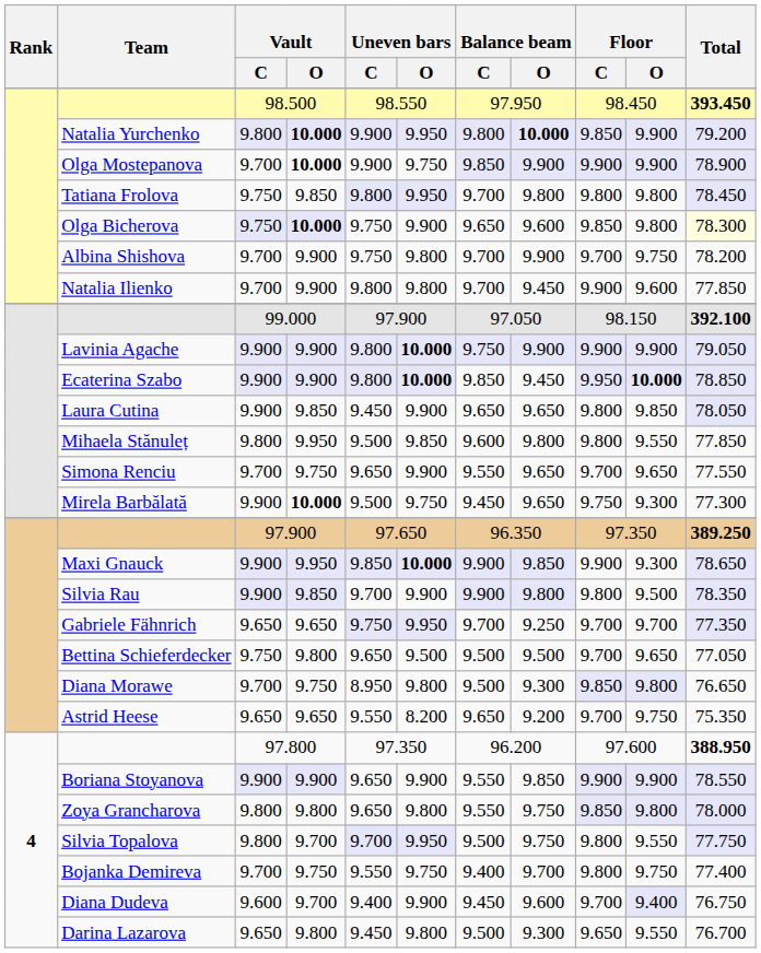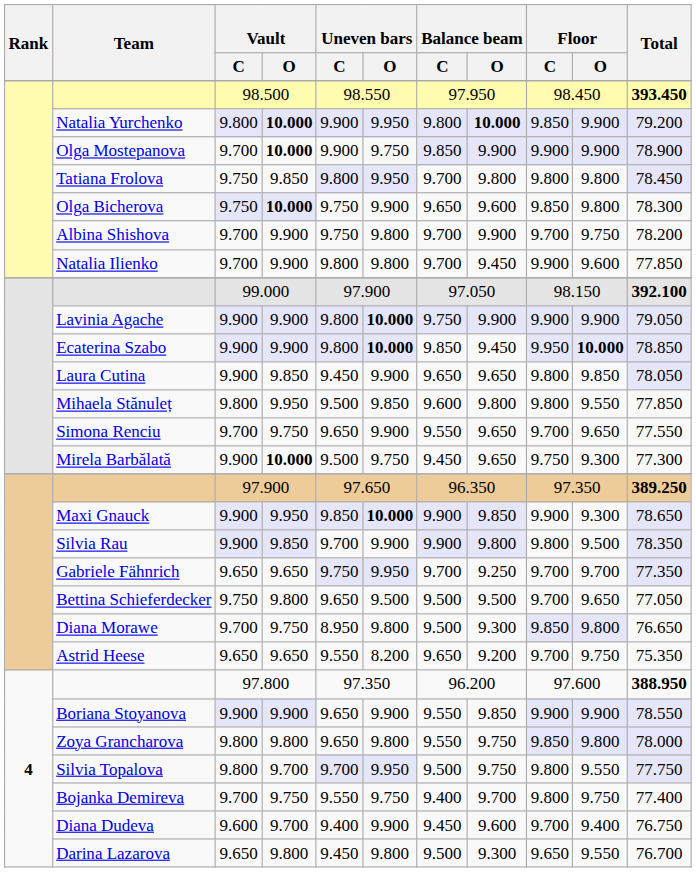 <table class="wikitable" style="text-align:center; font-size:95%">
 <tr>
 <th rowspan=2>Rank</th>
 <th rowspan=2>Team</th>
 <th colspan=2><br>Vault</th>
 <th colspan=2><br>Uneven bars</th>
 <th colspan=2><br>Balance beam</th>
 <th colspan=2><br>Floor</th>
 <th rowspan=2>Total</th>
 </tr>
 <tr>
 <th>C</th>
 <th>O</th>
 <th>C</th>
 <th>O</th>
 <th>C</th>
 <th>O</th>
 <th>C</th>
 <th>O</th>
 </tr>
 <tr>
 </tr>
 <tr style="background:#fffcaf;">
 <td rowspan=7></td>
 <td style="text-align:left;"><strong></strong></td>
 <td colspan=2>98.500</td>
 <td colspan="2">98.550</td>
 <td colspan="2">97.950</td>
 <td colspan="2">98.450</td>
 <td colspan="1"><strong>393.450</strong></td>
 </tr>
 <tr>
 <td align=left><a href='#'>Natalia Yurchenko</a></td>
 <td bgcolor="lavender">9.800</td>
 <td bgcolor="lavender"><strong>10.000</strong></td>
 <td bgcolor="lavender">9.900</td>
 <td bgcolor="lavender">9.950</td>
 <td bgcolor="lavender">9.800</td>
 <td bgcolor="lavender"><strong>10.000</strong></td>
 <td bgcolor="lavender">9.850</td>
 <td bgcolor="lavender">9.900</td>
 <td bgcolor="lavender">79.200</td>
 </tr>
 <tr>
 <td align=left><a href='#'>Olga Mostepanova</a></td>
 <td>9.700</td>
 <td><strong>10.000</strong></td>
 <td>9.900</td>
 <td>9.750</td>
 <td bgcolor="lavender">9.850</td>
 <td bgcolor="lavender">9.900</td>
 <td bgcolor="lavender">9.900</td>
 <td bgcolor="lavender">9.900</td>
 <td bgcolor="lavender">78.900</td>
 </tr>
 <tr>
 <td align=left><a href='#'>Tatiana Frolova</a></td>
 <td>9.750</td>
 <td>9.850</td>
 <td bgcolor="lavender">9.800</td>
 <td bgcolor="lavender">9.950</td>
 <td>9.700</td>
 <td>9.800</td>
 <td>9.800</td>
 <td>9.800</td>
 <td bgcolor="lavender">78.450</td>
 </tr>
 <tr>
 <td align=left><a href='#'>Olga Bicherova</a></td>
 <td bgcolor="lavender">9.750</td>
 <td bgcolor="lavender"><strong>10.000</strong></td>
 <td>9.750</td>
 <td>9.900</td>
 <td>9.650</td>
 <td>9.600</td>
 <td>9.850</td>
 <td>9.800</td>
-<td style="background: lightyellow;">78.300</td>
+<td>78.300</td>
 </tr>
 <tr>
 <td align=left><a href='#'>Albina Shishova</a></td>
 <td>9.700</td>
 <td>9.900</td>
 <td>9.750</td>
 <td>9.800</td>
 <td>9.700</td>
 <td>9.900</td>
 <td>9.700</td>
 <td>9.750</td>
 <td>78.200</td>
 </tr>
 <tr>
 <td align=left><a href='#'>Natalia Ilienko</a></td>
 <td>9.700</td>
 <td>9.900</td>
 <td>9.800</td>
 <td>9.800</td>
 <td>9.700</td>
 <td>9.450</td>
 <td>9.900</td>
 <td>9.600</td>
 <td>77.850</td>
 </tr>
 <tr>
 </tr>
 <tr style="background:#e5e5e5;">
 <td rowspan=7></td>
 <td style="text-align:left;"><strong></strong></td>
 <td colspan=2>99.000</td>
 <td colspan="2">97.900</td>
 <td colspan="2">97.050</td>
 <td colspan="2">98.150</td>
 <td colspan="1"><strong>392.100</strong></td>
 </tr>
 <tr>
 <td align=left><a href='#'>Lavinia Agache</a></td>
 <td bgcolor="lavender">9.900</td>
 <td bgcolor="lavender">9.900</td>
 <td bgcolor="lavender">9.800</td>
 <td bgcolor="lavender"><strong>10.000</strong></td>
 <td bgcolor="lavender">9.750</td>
 <td bgcolor="lavender">9.900</td>
 <td bgcolor="lavender">9.900</td>
 <td bgcolor="lavender">9.900</td>
 <td bgcolor="lavender">79.050</td>
 </tr>
 <tr>
 <td align=left><a href='#'>Ecaterina Szabo</a></td>
 <td bgcolor="lavender">9.900</td>
 <td bgcolor="lavender">9.900</td>
 <td bgcolor="lavender">9.800</td>
 <td bgcolor="lavender"><strong>10.000</strong></td>
 <td>9.850</td>
 <td>9.450</td>
 <td bgcolor="lavender">9.950</td>
 <td bgcolor="lavender"><strong>10.000</strong></td>
 <td bgcolor="lavender">78.850</td>
 </tr>
 <tr>
 <td align=left><a href='#'>Laura Cutina</a></td>
 <td>9.900</td>
 <td>9.850</td>
 <td>9.450</td>
 <td>9.900</td>
 <td>9.650</td>
 <td>9.650</td>
 <td>9.800</td>
 <td>9.850</td>
 <td bgcolor="lavender">78.050</td>
 </tr>
 <tr>
 <td align=left><a href='#'>Mihaela Stănuleț</a></td>
 <td>9.800</td>
 <td>9.950</td>
 <td>9.500</td>
 <td>9.850</td>
 <td>9.600</td>
 <td>9.800</td>
 <td>9.800</td>
 <td>9.550</td>
 <td>77.850</td>
 </tr>
 <tr>
 <td align=left><a href='#'>Simona Renciu</a></td>
 <td>9.700</td>
 <td>9.750</td>
 <td>9.650</td>
 <td>9.900</td>
 <td>9.550</td>
 <td>9.650</td>
 <td>9.700</td>
 <td>9.650</td>
 <td>77.550</td>
 </tr>
 <tr>
 <td align=left><a href='#'>Mirela Barbălată</a></td>
 <td>9.900</td>
 <td><strong>10.000</strong></td>
 <td>9.500</td>
 <td>9.750</td>
 <td>9.450</td>
 <td>9.650</td>
 <td>9.750</td>
 <td>9.300</td>
 <td>77.300</td>
 </tr>
 <tr>
 </tr>
 <tr style="background:#ec9;">
 <td rowspan=7></td>
 <td style="text-align:left;"><strong></strong></td>
 <td colspan=2>97.900</td>
 <td colspan="2">97.650</td>
 <td colspan="2">96.350</td>
 <td colspan="2">97.350</td>
 <td colspan="1"><strong>389.250</strong></td>
 </tr>
 <tr>
 <td align=left><a href='#'>Maxi Gnauck</a></td>
 <td bgcolor="lavender">9.900</td>
 <td bgcolor="lavender">9.950</td>
 <td bgcolor="lavender">9.850</td>
 <td bgcolor="lavender"><strong>10.000</strong></td>
 <td bgcolor="lavender">9.900</td>
 <td bgcolor="lavender">9.850</td>
 <td>9.900</td>
 <td>9.300</td>
 <td bgcolor="lavender">78.650</td>
 </tr>
 <tr>
 <td align=left><a href='#'>Silvia Rau</a></td>
 <td bgcolor="lavender">9.900</td>
 <td bgcolor="lavender">9.850</td>
 <td>9.700</td>
 <td>9.900</td>
 <td bgcolor="lavender">9.900</td>
 <td bgcolor="lavender">9.800</td>
 <td>9.800</td>
 <td>9.500</td>
 <td bgcolor="lavender">78.350</td>
 </tr>
 <tr>
 <td align=left><a href='#'>Gabriele Fähnrich</a></td>
 <td>9.650</td>
 <td>9.650</td>
 <td bgcolor="lavender">9.750</td>
 <td bgcolor="lavender">9.950</td>
 <td>9.700</td>
 <td>9.250</td>
 <td>9.700</td>
 <td>9.700</td>
 <td bgcolor="lavender">77.350</td>
 </tr>
 <tr>
 <td align=left><a href='#'>Bettina Schieferdecker</a></td>
 <td>9.750</td>
 <td>9.800</td>
 <td>9.650</td>
 <td>9.500</td>
 <td>9.500</td>
 <td>9.500</td>
 <td>9.700</td>
 <td>9.650</td>
 <td>77.050</td>
 </tr>
 <tr>
 <td align=left><a href='#'>Diana Morawe</a></td>
 <td>9.700</td>
 <td>9.750</td>
 <td>8.950</td>
 <td>9.800</td>
 <td>9.500</td>
 <td>9.300</td>
 <td bgcolor="lavender">9.850</td>
 <td bgcolor="lavender">9.800</td>
 <td>76.650</td>
 </tr>
 <tr>
 <td align=left><a href='#'>Astrid Heese</a></td>
 <td>9.650</td>
 <td>9.650</td>
 <td>9.550</td>
 <td>8.200</td>
 <td>9.650</td>
 <td>9.200</td>
 <td>9.700</td>
 <td>9.750</td>
 <td>75.350</td>
 </tr>
 <tr>
 <td rowspan=7><strong>4</strong></td>
 <td style="text-align:left;"><strong></strong></td>
 <td colspan=2>97.800</td>
 <td colspan=2>97.350</td>
 <td colspan=2>96.200</td>
 <td colspan=2>97.600</td>
 <td colspan=1><strong>388.950</strong></td>
 </tr>
 <tr>
 <td align=left><a href='#'>Boriana Stoyanova</a></td>
 <td bgcolor="lavender">9.900</td>
 <td bgcolor="lavender">9.900</td>
 <td>9.650</td>
 <td>9.900</td>
 <td>9.550</td>
 <td>9.850</td>
 <td bgcolor="lavender">9.900</td>
 <td bgcolor="lavender">9.900</td>
 <td bgcolor="lavender">78.550</td>
 </tr>
 <tr>
 <td align=left><a href='#'>Zoya Grancharova</a></td>
 <td>9.800</td>
 <td>9.800</td>
 <td>9.650</td>
 <td>9.800</td>
 <td>9.550</td>
 <td>9.750</td>
 <td bgcolor="lavender">9.850</td>
 <td bgcolor="lavender">9.800</td>
 <td bgcolor="lavender">78.000</td>
 </tr>
 <tr>
 <td align=left><a href='#'>Silvia Topalova</a></td>
 <td>9.800</td>
 <td>9.700</td>
 <td bgcolor="lavender">9.700</td>
 <td bgcolor="lavender">9.950</td>
 <td>9.500</td>
 <td>9.750</td>
 <td>9.800</td>
 <td>9.550</td>
 <td bgcolor="lavender">77.750</td>
 </tr>
 <tr>
 <td align=left><a href='#'>Bojanka Demireva</a></td>
 <td>9.700</td>
 <td>9.750</td>
 <td>9.550</td>
 <td>9.750</td>
 <td>9.400</td>
 <td>9.700</td>
 <td>9.800</td>
 <td>9.750</td>
 <td>77.400</td>
 </tr>
 <tr>
 <td align=left><a href='#'>Diana Dudeva</a></td>
 <td>9.600</td>
 <td>9.700</td>
 <td>9.400</td>
 <td>9.900</td>
 <td>9.450</td>
 <td>9.600</td>
 <td>9.700</td>
-<td style="background: lavender;">9.400</td>
+<td>9.400</td>
 <td>76.750</td>
 </tr>
 <tr>
 <td align=left><a href='#'>Darina Lazarova</a></td>
 <td>9.650</td>
 <td>9.800</td>
 <td>9.450</td>
 <td>9.800</td>
 <td>9.500</td>
 <td>9.300</td>
 <td>9.650</td>
 <td>9.550</td>
 <td>76.700</td>
 </tr>
 </table>
